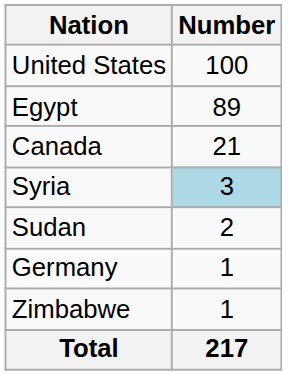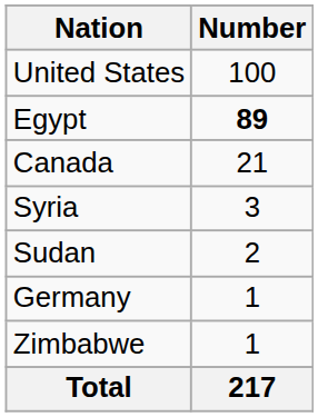 <table class="sortable wikitable" style="font-size:85%; margin:0 0 0.5em 1em; float:right;">
 <tr>
 <th>Nation</th>
 <th>Number</th>
 </tr>
 <tr>
 <td>United States</td>
 <td style="text-align:center;">100</td>
 </tr>
 <tr>
 <td>Egypt</td>
-<td style="text-align:center;">89</td>
+<td style="text-align:center;"><strong>89</strong></td>
 </tr>
 <tr>
 <td>Canada</td>
 <td style="text-align:center;">21</td>
 </tr>
 <tr>
 <td>Syria</td>
-<td style="background: lightblue; text-align:center;">3</td>
+<td style="text-align:center;">3</td>
 </tr>
 <tr>
 <td>Sudan</td>
 <td style="text-align:center;">2</td>
 </tr>
 <tr>
 <td>Germany</td>
 <td style="text-align:center;">1</td>
 </tr>
 <tr>
 <td>Zimbabwe</td>
 <td style="text-align:center;">1</td>
 </tr>
 <tr>
 <th><strong>Total</strong></th>
 <th style="text-align:center;"><strong>217</strong></th>
 </tr>
 </table>
